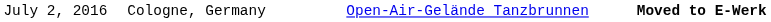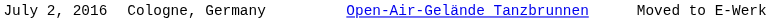 <table cellpadding="2" style="border: 0px solid darkgray;">
 <tr>
 <th width="125"></th>
 <th width="225"></th>
 <th width="300"></th>
 <th width="375"></th>
 </tr>
 <tr border="0">
 <td>July 2, 2016</td>
 <td>Cologne, Germany</td>
 <td><a href='#'>Open-Air-Gelände Tanzbrunnen</a></td>
-<td><strong>Moved to E-Werk</strong></td>
+<td>Moved to E-Werk</td>
 </tr>
 <tr>
 </tr>
 </table>
